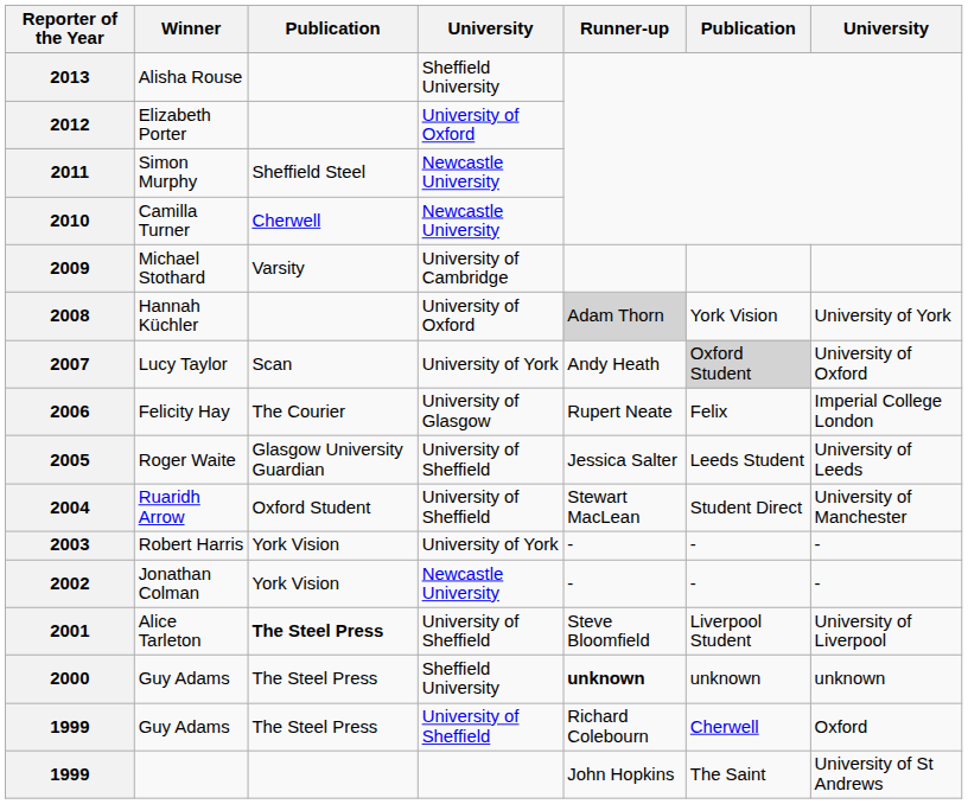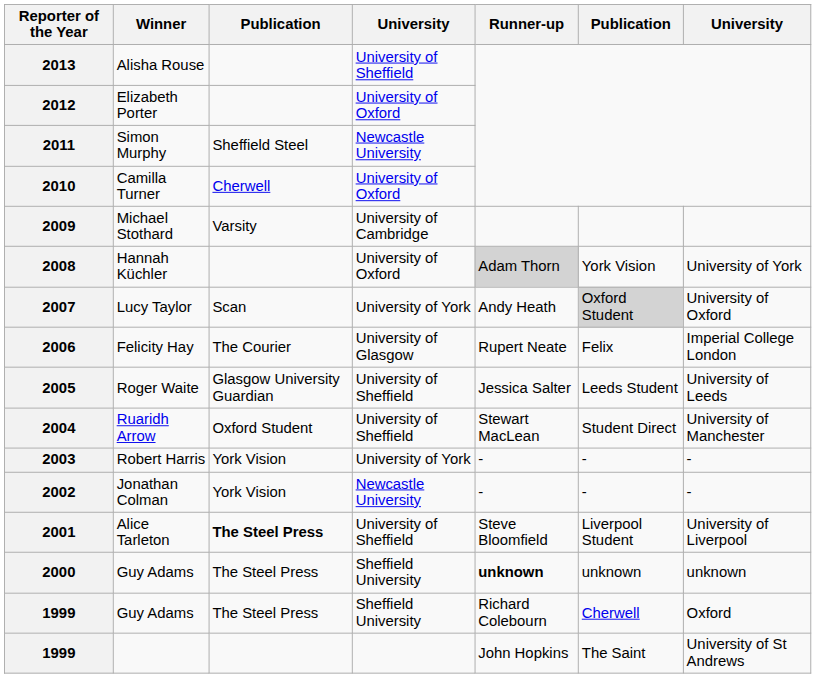 <table class="wikitable" style="font-align: center">
 <tr>
 <th>Reporter of the Year</th>
 <th>Winner</th>
 <th>Publication</th>
 <th>University</th>
 <th>Runner-up</th>
 <th>Publication</th>
 <th>University</th>
 </tr>
 <tr>
 <th>2013</th>
 <td>Alisha Rouse</td>
 <td></td>
-<td>Sheffield University</td>
+<td><a href='#'>University of Sheffield</a></td>
 </tr>
 <tr>
 <th>2012</th>
 <td>Elizabeth Porter</td>
 <td></td>
 <td><a href='#'>University of Oxford</a></td>
 </tr>
 <tr>
 <th>2011</th>
 <td>Simon Murphy</td>
 <td>Sheffield Steel</td>
 <td><a href='#'>Newcastle University</a></td>
 </tr>
 <tr>
 <th>2010</th>
 <td>Camilla Turner</td>
 <td><a href='#'>Cherwell</a></td>
-<td><a href='#'>Newcastle University</a></td>
+<td><a href='#'>University of Oxford</a></td>
 </tr>
 <tr>
 <th>2009</th>
 <td>Michael Stothard</td>
 <td>Varsity</td>
 <td>University of Cambridge</td>
 <td></td>
 <td></td>
 <td></td>
 </tr>
 <tr>
 <th>2008</th>
 <td>Hannah Küchler</td>
 <td></td>
 <td>University of Oxford</td>
 <td style="background: lightgrey;">Adam Thorn</td>
 <td>York Vision</td>
 <td>University of York</td>
 </tr>
 <tr>
 <th>2007</th>
 <td>Lucy Taylor</td>
 <td>Scan</td>
 <td>University of York</td>
 <td>Andy Heath</td>
 <td style="background: lightgrey;">Oxford Student</td>
 <td>University of Oxford</td>
 </tr>
 <tr>
 <th>2006</th>
 <td>Felicity Hay</td>
 <td>The Courier</td>
 <td>University of Glasgow</td>
 <td>Rupert Neate</td>
 <td>Felix</td>
 <td>Imperial College London</td>
 </tr>
 <tr>
 <th>2005</th>
 <td>Roger Waite</td>
 <td>Glasgow University Guardian</td>
 <td>University of Sheffield</td>
 <td>Jessica Salter</td>
 <td>Leeds Student</td>
 <td>University of Leeds</td>
 </tr>
 <tr>
 <th>2004</th>
 <td><a href='#'>Ruaridh Arrow</a></td>
 <td>Oxford Student</td>
 <td>University of Sheffield</td>
 <td>Stewart MacLean</td>
 <td>Student Direct</td>
 <td>University of Manchester</td>
 </tr>
 <tr>
 <th>2003</th>
 <td>Robert Harris</td>
 <td>York Vision</td>
 <td>University of York</td>
 <td>-</td>
 <td>-</td>
 <td>-</td>
 </tr>
 <tr>
 <th>2002</th>
 <td>Jonathan Colman</td>
 <td>York Vision</td>
 <td><a href='#'>Newcastle University</a></td>
 <td>-</td>
 <td>-</td>
 <td>-</td>
 </tr>
 <tr>
 <th>2001</th>
 <td>Alice Tarleton</td>
 <td><strong>The Steel Press</strong></td>
 <td>University of Sheffield</td>
 <td>Steve Bloomfield</td>
 <td>Liverpool Student</td>
 <td>University of Liverpool</td>
 </tr>
 <tr>
 <th>2000</th>
 <td>Guy Adams</td>
 <td>The Steel Press</td>
 <td>Sheffield University</td>
 <td><strong>unknown</strong></td>
 <td>unknown</td>
 <td>unknown</td>
 </tr>
 <tr>
 <th>1999</th>
 <td>Guy Adams</td>
 <td>The Steel Press</td>
-<td><a href='#'>University of Sheffield</a></td>
+<td>Sheffield University</td>
 <td>Richard Colebourn</td>
 <td><a href='#'>Cherwell</a></td>
 <td>Oxford</td>
 </tr>
 <tr>
 <th>1999</th>
 <td></td>
 <td></td>
 <td></td>
 <td>John Hopkins</td>
 <td>The Saint</td>
 <td>University of St Andrews</td>
 </tr>
 </table>
